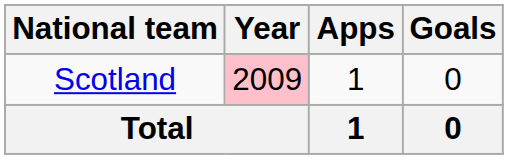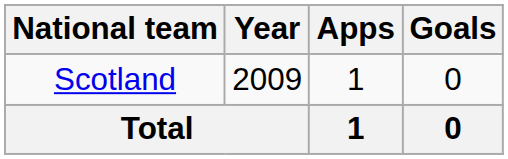 <table class="wikitable" style="text-align: center;">
 <tr>
 <th>National team</th>
 <th>Year</th>
 <th>Apps</th>
 <th>Goals</th>
 </tr>
 <tr>
 <td><a href='#'>Scotland</a></td>
-<td style="background: pink;">2009</td>
+<td>2009</td>
 <td>1</td>
 <td>0</td>
 </tr>
 <tr>
 <th colspan="2">Total</th>
 <th>1</th>
 <th>0</th>
 </tr>
 </table>
